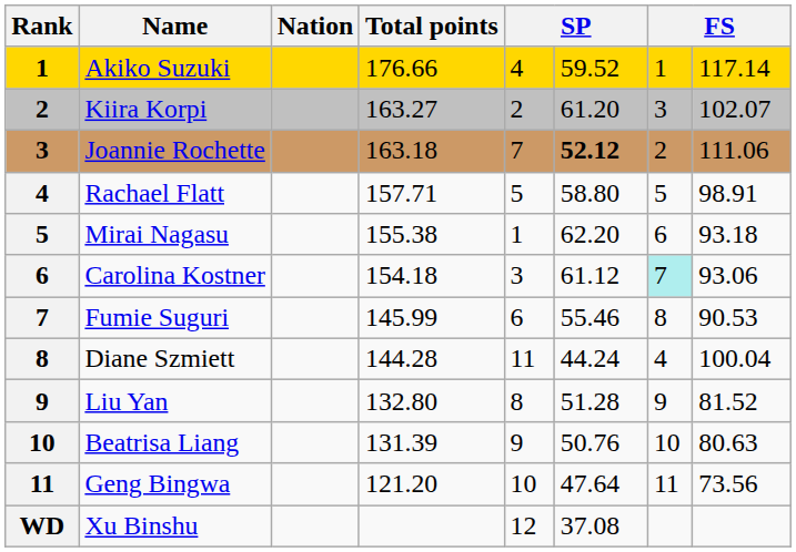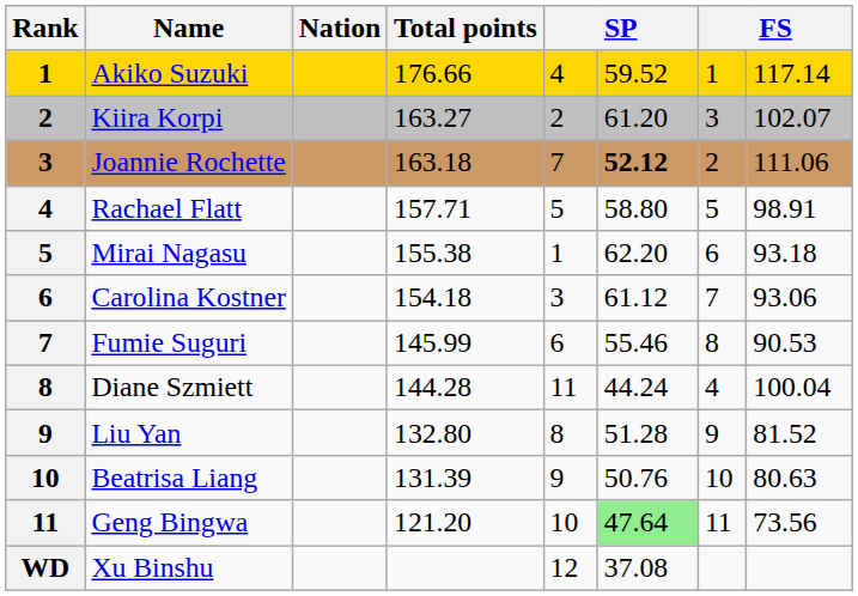 <table class="wikitable sortable">
 <tr>
 <th>Rank</th>
 <th>Name</th>
 <th>Nation</th>
 <th>Total points</th>
 <th colspan="2" width="80px"><a href='#'>SP</a></th>
 <th colspan="2" width="80px"><a href='#'>FS</a></th>
 </tr>
 <tr bgcolor="gold">
 <td align="center"><strong>1</strong></td>
 <td><a href='#'>Akiko Suzuki</a></td>
 <td></td>
 <td>176.66</td>
 <td>4</td>
 <td>59.52</td>
 <td>1</td>
 <td>117.14</td>
 </tr>
 <tr bgcolor="silver">
 <td align="center"><strong>2</strong></td>
 <td><a href='#'>Kiira Korpi</a></td>
 <td></td>
 <td>163.27</td>
 <td>2</td>
 <td>61.20</td>
 <td>3</td>
 <td>102.07</td>
 </tr>
 <tr bgcolor="cc9966">
 <td align="center"><strong>3</strong></td>
 <td><a href='#'>Joannie Rochette</a></td>
 <td></td>
 <td>163.18</td>
 <td>7</td>
 <td><strong>52.12</strong></td>
 <td>2</td>
 <td>111.06</td>
 </tr>
 <tr>
 <th>4</th>
 <td><a href='#'>Rachael Flatt</a></td>
 <td></td>
 <td>157.71</td>
 <td>5</td>
 <td>58.80</td>
 <td>5</td>
 <td>98.91</td>
 </tr>
 <tr>
 <th>5</th>
 <td><a href='#'>Mirai Nagasu</a></td>
 <td></td>
 <td>155.38</td>
 <td>1</td>
 <td>62.20</td>
 <td>6</td>
 <td>93.18</td>
 </tr>
 <tr>
 <th>6</th>
 <td><a href='#'>Carolina Kostner</a></td>
 <td></td>
 <td>154.18</td>
 <td>3</td>
 <td>61.12</td>
-<td style="background: paleturquoise;">7</td>
+<td>7</td>
 <td>93.06</td>
 </tr>
 <tr>
 <th>7</th>
 <td><a href='#'>Fumie Suguri</a></td>
 <td></td>
 <td>145.99</td>
 <td>6</td>
 <td>55.46</td>
 <td>8</td>
 <td>90.53</td>
 </tr>
 <tr>
 <th>8</th>
 <td>Diane Szmiett</td>
 <td></td>
 <td>144.28</td>
 <td>11</td>
 <td>44.24</td>
 <td>4</td>
 <td>100.04</td>
 </tr>
 <tr>
 <th>9</th>
 <td><a href='#'>Liu Yan</a></td>
 <td></td>
 <td>132.80</td>
 <td>8</td>
 <td>51.28</td>
 <td>9</td>
 <td>81.52</td>
 </tr>
 <tr>
 <th>10</th>
 <td><a href='#'>Beatrisa Liang</a></td>
 <td></td>
 <td>131.39</td>
 <td>9</td>
 <td>50.76</td>
 <td>10</td>
 <td>80.63</td>
 </tr>
 <tr>
 <th>11</th>
 <td><a href='#'>Geng Bingwa</a></td>
 <td></td>
 <td>121.20</td>
 <td>10</td>
-<td>47.64</td>
+<td style="background: lightgreen;">47.64</td>
 <td>11</td>
 <td>73.56</td>
 </tr>
 <tr>
 <th>WD</th>
 <td><a href='#'>Xu Binshu</a></td>
 <td></td>
 <td></td>
 <td>12</td>
 <td>37.08</td>
 <td></td>
 <td></td>
 </tr>
 </table>
